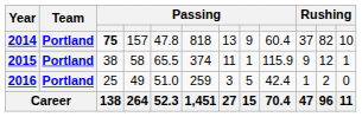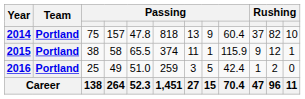 <table class="wikitable" style="text-align:center;">
 <tr>
 <th rowspan="2">Year</th>
 <th rowspan="2">Team</th>
 <th colspan="7">Passing</th>
 <th colspan="3">Rushing</th>
 </tr>
 <tr>
 <th></th>
 <th></th>
 <th></th>
 <th></th>
 <th></th>
 <th></th>
 <th></th>
 <th></th>
 <th></th>
 <th></th>
 </tr>
 <tr>
 <th><a href='#'>2014</a></th>
 <th><a href='#'>Portland</a></th>
-<td><strong>75</strong></td>
+<td>75</td>
 <td>157</td>
 <td>47.8</td>
 <td>818</td>
 <td>13</td>
 <td>9</td>
 <td>60.4</td>
 <td>37</td>
 <td>82</td>
 <td>10</td>
 </tr>
 <tr>
 <th><a href='#'>2015</a></th>
 <th><a href='#'>Portland</a></th>
 <td>38</td>
 <td>58</td>
 <td>65.5</td>
 <td>374</td>
 <td>11</td>
 <td>1</td>
 <td>115.9</td>
 <td>9</td>
 <td>12</td>
 <td>1</td>
 </tr>
 <tr>
 <th><a href='#'>2016</a></th>
 <th><a href='#'>Portland</a></th>
 <td>25</td>
 <td>49</td>
 <td>51.0</td>
 <td>259</td>
 <td>3</td>
 <td>5</td>
 <td>42.4</td>
 <td>1</td>
 <td>2</td>
 <td>0</td>
 </tr>
 <tr>
 <th colspan="2">Career</th>
 <th>138</th>
 <th>264</th>
 <th>52.3</th>
 <th>1,451</th>
 <th>27</th>
 <th>15</th>
 <th>70.4</th>
 <th>47</th>
 <th>96</th>
 <th>11</th>
 </tr>
 </table>
